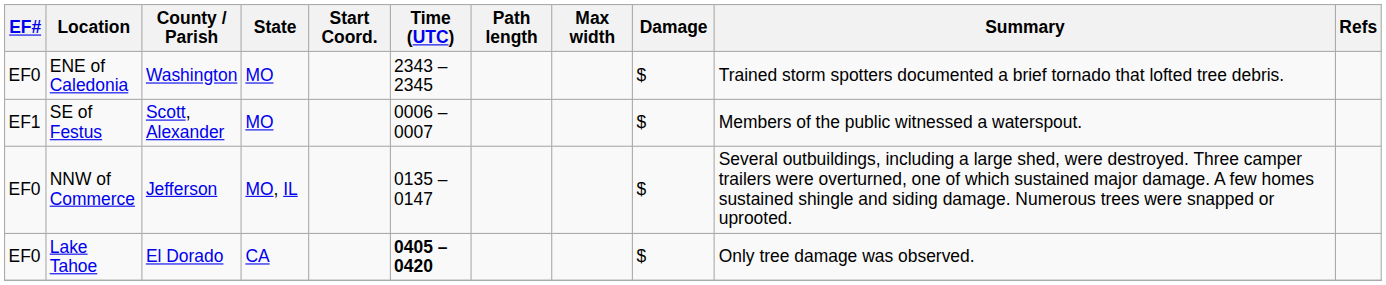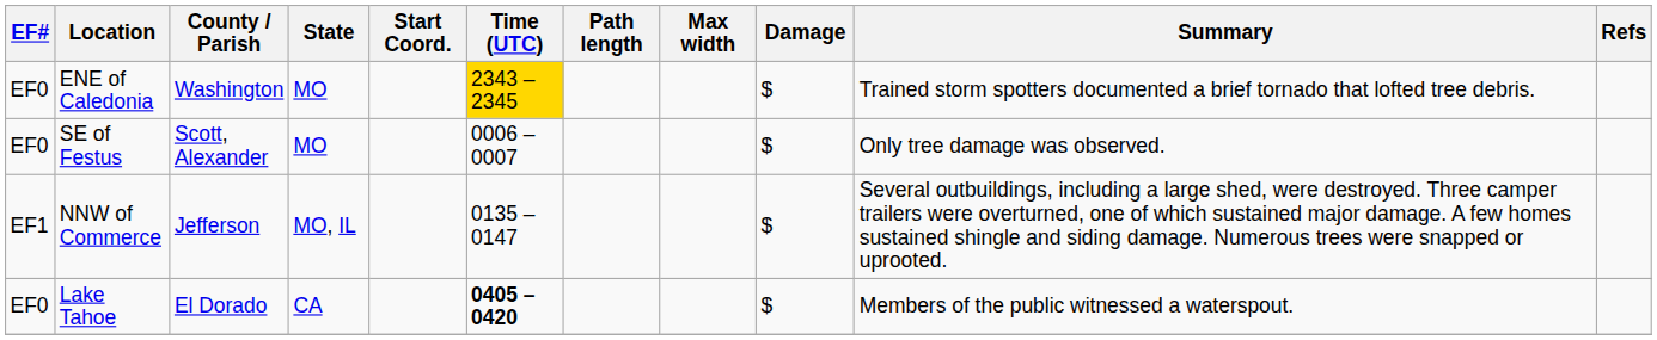 <table class="wikitable sortable" style="width:100%;">
 <tr>
 <th scope="col" width="3%" align="center"><a href='#'>EF#</a></th>
 <th scope="col" width="7%" align="center" class="unsortable">Location</th>
 <th scope="col" width="6%" align="center" class="unsortable">County / Parish</th>
 <th scope="col" width="5%" align="center">State</th>
 <th scope="col" width="6%" align="center">Start Coord.</th>
 <th scope="col" width="6%" align="center">Time (<a href='#'>UTC</a>)</th>
 <th scope="col" width="6%" align="center">Path length</th>
 <th scope="col" width="6%" align="center">Max width</th>
 <th scope="col" width="6%" align="center">Damage</th>
 <th scope="col" width="48%" class="unsortable" align="center">Summary</th>
 <th scope="col" width="48%" class="unsortable" align="center">Refs</th>
 </tr>
 <tr>
 <td>EF0</td>
 <td>ENE of <a href='#'>Caledonia</a></td>
 <td><a href='#'>Washington</a></td>
 <td><a href='#'>MO</a></td>
 <td></td>
-<td>2343 – 2345</td>
+<td style="background: gold;">2343 – 2345</td>
 <td></td>
 <td></td>
 <td>$</td>
 <td>Trained storm spotters documented a brief tornado that lofted tree debris.</td>
 <td></td>
 </tr>
 <tr>
-<td>EF1</td>
+<td>EF0</td>
 <td>SE of <a href='#'>Festus</a></td>
 <td><a href='#'>Scott</a>, <a href='#'>Alexander</a></td>
 <td><a href='#'>MO</a></td>
 <td></td>
 <td>0006 – 0007</td>
 <td></td>
 <td></td>
 <td>$</td>
-<td>Members of the public witnessed a waterspout.</td>
+<td>Only tree damage was observed.</td>
 <td></td>
 </tr>
 <tr>
-<td>EF0</td>
+<td>EF1</td>
 <td>NNW of <a href='#'>Commerce</a></td>
 <td><a href='#'>Jefferson</a></td>
 <td><a href='#'>MO</a>, <a href='#'>IL</a></td>
 <td></td>
 <td>0135 – 0147</td>
 <td></td>
 <td></td>
 <td>$</td>
 <td>Several outbuildings, including a large shed, were destroyed. Three camper trailers were overturned, one of which sustained major damage. A few homes sustained shingle and siding damage. Numerous trees were snapped or uprooted.</td>
 <td></td>
 </tr>
 <tr>
 <td>EF0</td>
 <td><a href='#'>Lake Tahoe</a></td>
 <td><a href='#'>El Dorado</a></td>
 <td><a href='#'>CA</a></td>
 <td></td>
 <td><strong>0405 – 0420</strong></td>
 <td></td>
 <td></td>
 <td>$</td>
-<td>Only tree damage was observed.</td>
+<td>Members of the public witnessed a waterspout.</td>
 <td></td>
 </tr>
 <tr>
 </tr>
 </table>
